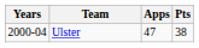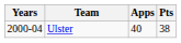 <table class="wikitable" style="text-align:left;">
 <tr>
 <th>Years</th>
 <th width=120px>Team</th>
 <th>Apps</th>
 <th>Pts</th>
 </tr>
 <tr>
 <td>2000-04</td>
 <td><a href='#'>Ulster</a></td>
-<td>47</td>
+<td>40</td>
 <td>38</td>
 </tr>
 </table>
